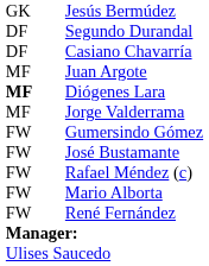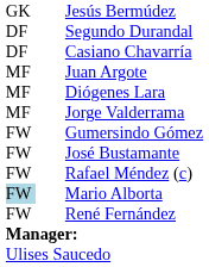 <table style="font-size: 90%" cellspacing="0" cellpadding="0" align=center>
 <tr>
 <th width="25"></th>
 <th width="25"></th>
 </tr>
 <tr>
 <td>GK</td>
 <td></td>
 <td><a href='#'>Jesús Bermúdez</a></td>
 </tr>
 <tr>
 <td>DF</td>
 <td></td>
 <td><a href='#'>Segundo Durandal</a></td>
 </tr>
 <tr>
 <td>DF</td>
 <td></td>
 <td><a href='#'>Casiano Chavarría</a></td>
 </tr>
 <tr>
 <td>MF</td>
 <td></td>
 <td><a href='#'>Juan Argote</a></td>
 </tr>
 <tr>
-<td><strong>MF</strong></td>
+<td>MF</td>
 <td></td>
 <td><a href='#'>Diógenes Lara</a></td>
 </tr>
 <tr>
 <td>MF</td>
 <td></td>
 <td><a href='#'>Jorge Valderrama</a></td>
 </tr>
 <tr>
 <td>FW</td>
 <td></td>
 <td><a href='#'>Gumersindo Gómez</a></td>
 </tr>
 <tr>
 <td>FW</td>
 <td></td>
 <td><a href='#'>José Bustamante</a></td>
 </tr>
 <tr>
 <td>FW</td>
 <td></td>
 <td><a href='#'>Rafael Méndez</a> (<a href='#'>c</a>)</td>
 </tr>
 <tr>
-<td>FW</td>
+<td style="background: lightblue;">FW</td>
 <td></td>
 <td><a href='#'>Mario Alborta</a></td>
 </tr>
 <tr>
 <td>FW</td>
 <td></td>
 <td><a href='#'>René Fernández</a></td>
 </tr>
 <tr>
 <td colspan=3><strong>Manager:</strong></td>
 </tr>
 <tr>
 <td colspan=4><a href='#'>Ulises Saucedo</a></td>
 </tr>
 </table>
